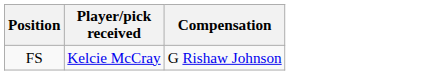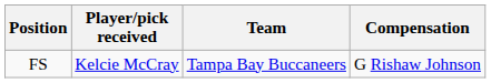 <table class="wikitable sortable" style="text-align:center">
 <tr>
 <th>Position</th>
 <th>Player/pick<br>received</th>
+<th>Team</th>
 <th>Compensation</th>
 </tr>
 <tr>
 <td>FS</td>
 <td><a href='#'>Kelcie McCray</a></td>
+<td><a href='#'>Tampa Bay Buccaneers</a></td>
 <td>G <a href='#'>Rishaw Johnson</a></td>
 </tr>
 </table>
